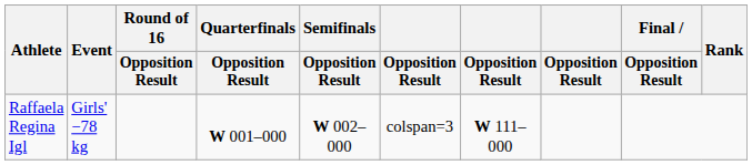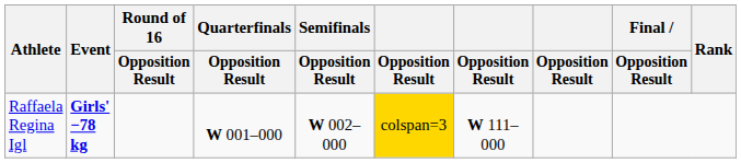 <table class="wikitable" style="font-size:90%">
 <tr>
 <th rowspan=2>Athlete</th>
 <th rowspan=2>Event</th>
 <th>Round of 16</th>
 <th>Quarterfinals</th>
 <th>Semifinals</th>
 <th></th>
 <th></th>
 <th></th>
 <th>Final / </th>
 <th rowspan=2>Rank</th>
 </tr>
 <tr style="font-size:95%">
 <th>Opposition<br>Result</th>
 <th>Opposition<br>Result</th>
 <th>Opposition<br>Result</th>
 <th>Opposition<br>Result</th>
 <th>Opposition<br>Result</th>
 <th>Opposition<br>Result</th>
 <th>Opposition<br>Result</th>
 </tr>
 <tr align=center>
 <td align=left><a href='#'>Raffaela Regina Igl</a></td>
-<td align=left><a href='#'>Girls' −78 kg</a></td>
+<td align=left><strong><a href='#'>Girls' −78 kg</a></strong></td>
 <td></td>
 <td><br><strong>W</strong> 001–000</td>
 <td><br><strong>W</strong> 002–000</td>
-<td>colspan=3 </td>
+<td style="background: gold;">colspan=3 </td>
 <td><br><strong>W</strong> 111–000</td>
 <td></td>
 </tr>
 </table>
